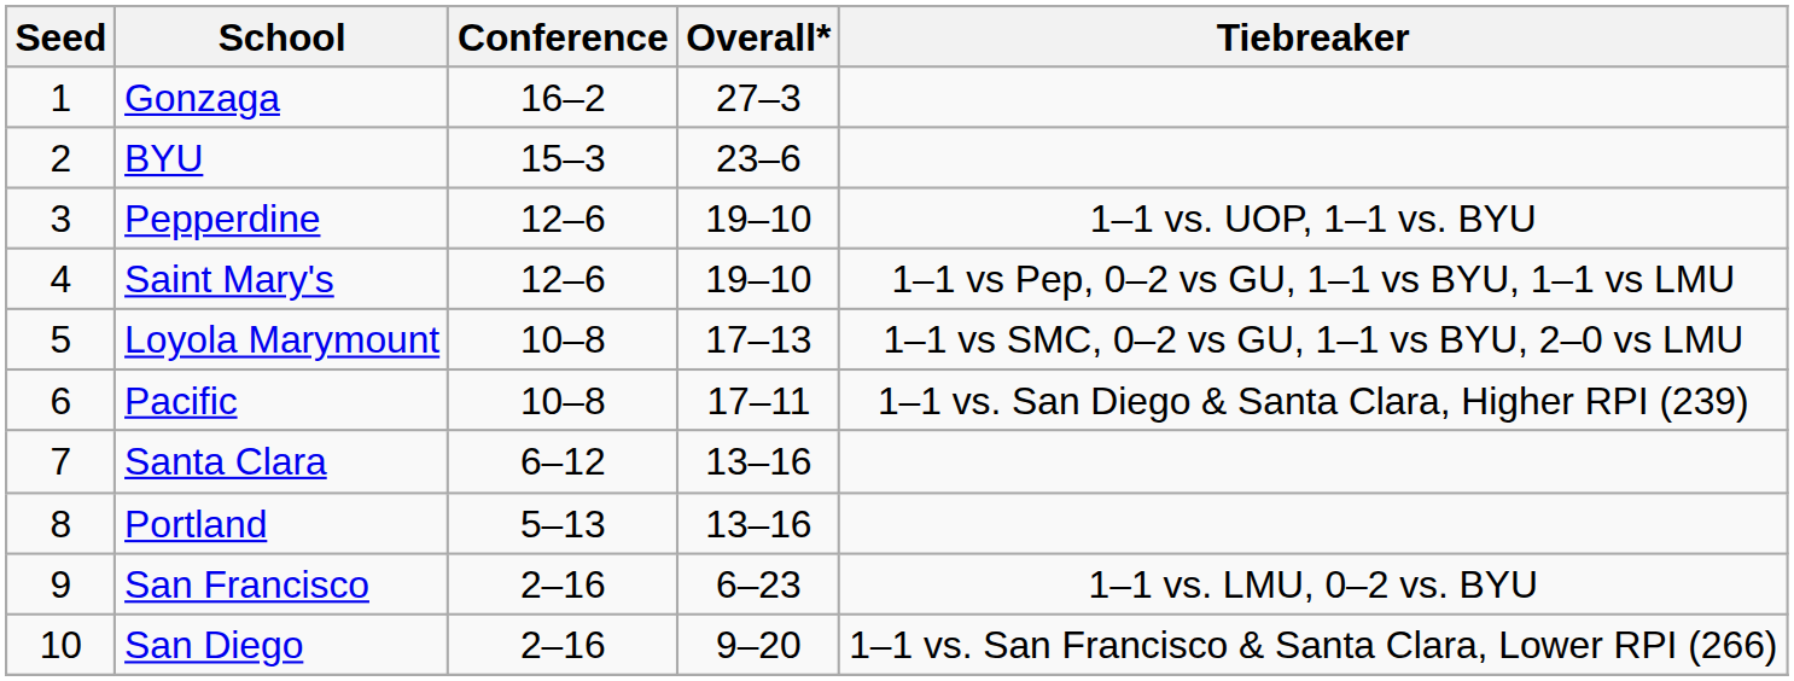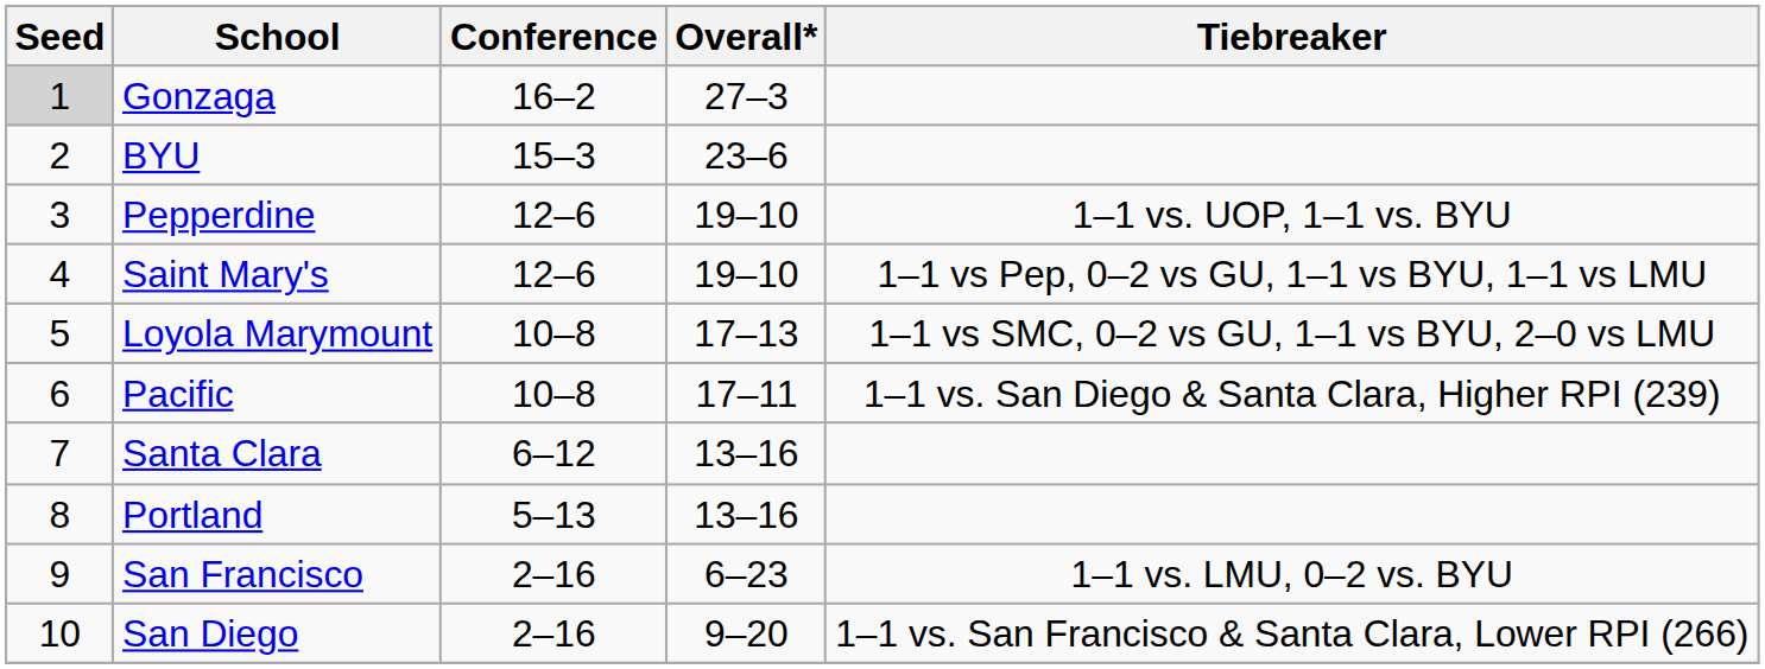 <table class="wikitable" style="white-space:nowrap; font-size:95%;text-align:center">
 <tr>
 <th>Seed</th>
 <th>School</th>
 <th>Conference</th>
 <th>Overall*</th>
 <th>Tiebreaker</th>
 </tr>
 <tr>
-<td>1</td>
+<td style="background: lightgrey;">1</td>
 <td align=left><a href='#'>Gonzaga</a></td>
 <td>16–2</td>
 <td>27–3</td>
 <td></td>
 </tr>
 <tr>
 <td>2</td>
 <td align=left><a href='#'>BYU</a></td>
 <td>15–3</td>
 <td>23–6</td>
 <td></td>
 </tr>
 <tr>
 <td>3</td>
 <td align=left><a href='#'>Pepperdine</a></td>
 <td>12–6</td>
 <td>19–10</td>
 <td>1–1 vs. UOP, 1–1 vs. BYU</td>
 </tr>
 <tr>
 <td>4</td>
 <td align=left><a href='#'>Saint Mary's</a></td>
 <td>12–6</td>
 <td>19–10</td>
 <td>1–1 vs Pep, 0–2 vs GU, 1–1 vs BYU, 1–1 vs LMU</td>
 </tr>
 <tr>
 <td>5</td>
 <td align=left><a href='#'>Loyola Marymount</a></td>
 <td>10–8</td>
 <td>17–13</td>
 <td>1–1 vs SMC, 0–2 vs GU, 1–1 vs BYU, 2–0 vs LMU</td>
 </tr>
 <tr>
 <td>6</td>
 <td align=left><a href='#'>Pacific</a></td>
 <td>10–8</td>
 <td>17–11</td>
 <td>1–1 vs. San Diego & Santa Clara, Higher RPI (239)</td>
 </tr>
 <tr>
 <td>7</td>
 <td align=left><a href='#'>Santa Clara</a></td>
 <td>6–12</td>
 <td>13–16</td>
 <td></td>
 </tr>
 <tr>
 <td>8</td>
 <td align=left><a href='#'>Portland</a></td>
 <td>5–13</td>
 <td>13–16</td>
 <td></td>
 </tr>
 <tr>
 <td>9</td>
 <td align=left><a href='#'>San Francisco</a></td>
 <td>2–16</td>
 <td>6–23</td>
 <td>1–1 vs. LMU, 0–2 vs. BYU</td>
 </tr>
 <tr>
 <td>10</td>
 <td align=left><a href='#'>San Diego</a></td>
 <td>2–16</td>
 <td>9–20</td>
 <td>1–1 vs. San Francisco & Santa Clara, Lower RPI (266)</td>
 </tr>
 <tr>
 </tr>
 </table>
